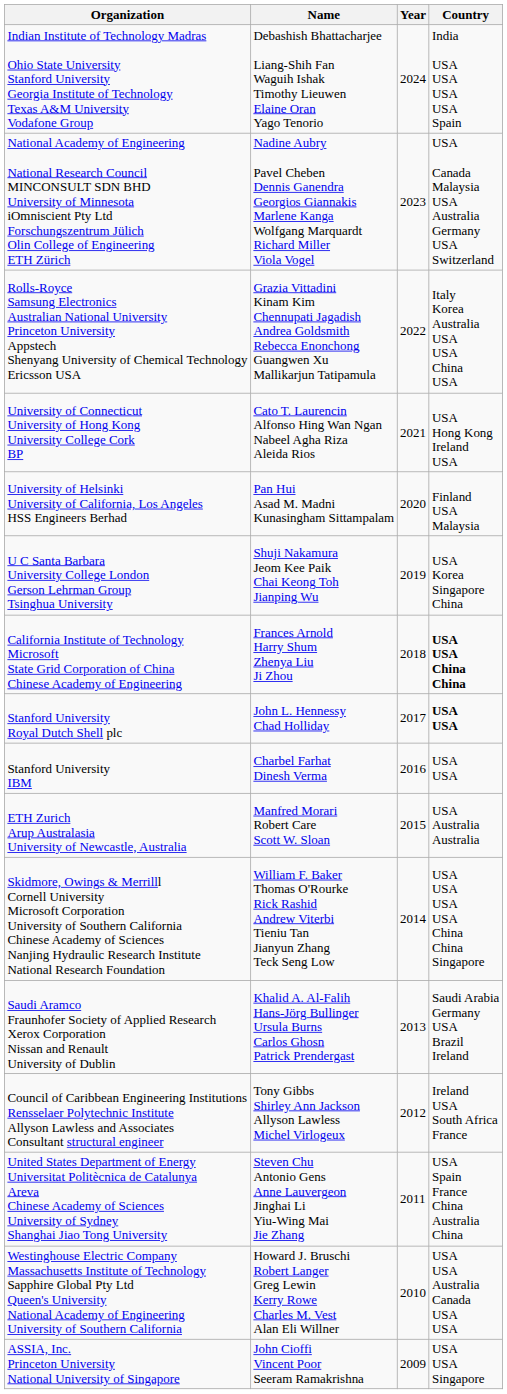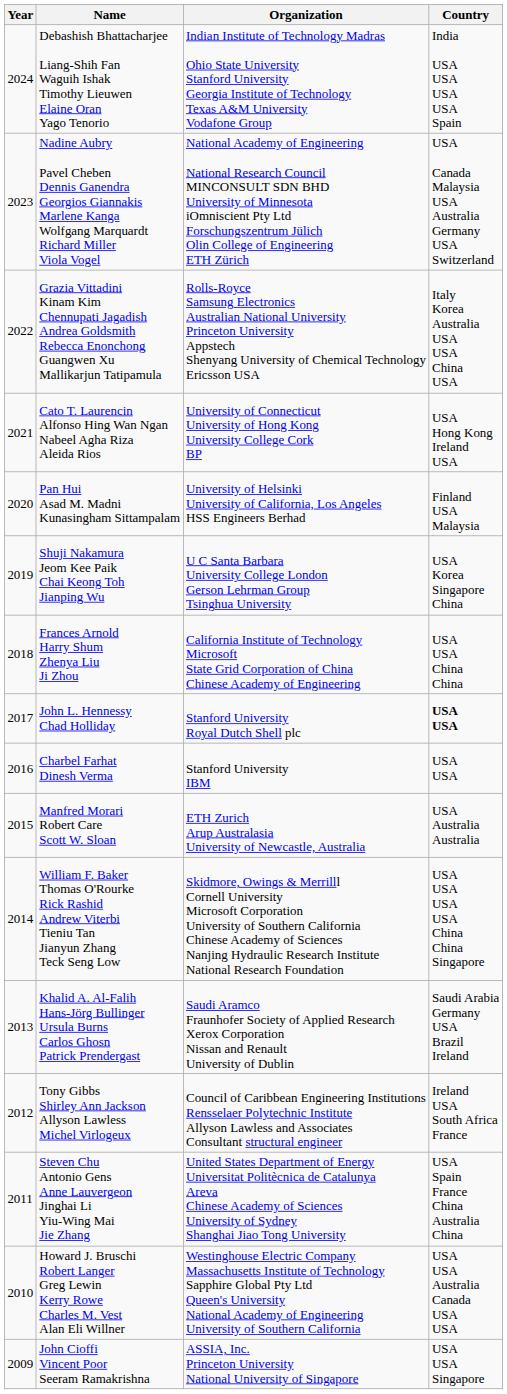 <table class="wikitable">
 <tr>
+<th>Year</th>
+<th>Name</th>
 <th>Organization</th>
-<th>Name</th>
-<th>Year</th>
 <th>Country</th>
 </tr>
 <tr>
+<td>2024</td>
+<td>Debashish Bhattacharjee<br><br>Liang-Shih Fan <br> Waguih Ishak <br> Timothy Lieuwen <br> <a href='#'>Elaine Oran</a> <br> Yago Tenorio</td>
 <td><a href='#'>Indian Institute of Technology Madras</a><br><br><a href='#'>Ohio State University</a><br> <a href='#'>Stanford University</a><br> <a href='#'>Georgia Institute of Technology</a><br> <a href='#'>Texas A&M University</a><br> <a href='#'>Vodafone Group</a></td>
-<td>Debashish Bhattacharjee<br><br>Liang-Shih Fan <br> Waguih Ishak <br> Timothy Lieuwen <br> <a href='#'>Elaine Oran</a> <br> Yago Tenorio</td>
-<td>2024</td>
 <td> India<br><br> USA<br>  USA<br>  USA<br>  USA<br>  Spain</td>
 </tr>
 <tr>
+<td>2023</td>
+<td><a href='#'>Nadine Aubry</a><br><br>Pavel Cheben<br> <a href='#'>Dennis Ganendra</a><br> <a href='#'>Georgios Giannakis</a><br> <a href='#'>Marlene Kanga</a><br> Wolfgang Marquardt<br> <a href='#'>Richard Miller</a><br> <a href='#'>Viola Vogel</a></td>
 <td><a href='#'>National Academy of Engineering</a><br><br><a href='#'>National Research Council</a><br> MINCONSULT SDN BHD<br> <a href='#'>University of Minnesota</a><br> iOmniscient Pty Ltd<br> <a href='#'>Forschungszentrum Jülich</a><br> <a href='#'>Olin College of Engineering</a><br> <a href='#'>ETH Zürich</a></td>
-<td><a href='#'>Nadine Aubry</a><br><br>Pavel Cheben<br> <a href='#'>Dennis Ganendra</a><br> <a href='#'>Georgios Giannakis</a><br> <a href='#'>Marlene Kanga</a><br> Wolfgang Marquardt<br> <a href='#'>Richard Miller</a><br> <a href='#'>Viola Vogel</a></td>
-<td>2023</td>
 <td> USA<br><br> Canada<br>  Malaysia<br>  USA<br>  Australia<br>  Germany<br>  USA<br>  Switzerland</td>
 </tr>
 <tr>
+<td>2022</td>
+<td><a href='#'>Grazia Vittadini</a><br>Kinam Kim<br><a href='#'>Chennupati Jagadish</a><br><a href='#'>Andrea Goldsmith</a><br><a href='#'>Rebecca Enonchong</a><br> Guangwen Xu<br>Mallikarjun Tatipamula<br></td>
 <td><a href='#'>Rolls-Royce</a><br><a href='#'>Samsung Electronics</a><br><a href='#'>Australian National University</a><br><a href='#'>Princeton University</a><br>Appstech <br>Shenyang University of Chemical Technology<br>Ericsson USA<br></td>
-<td><a href='#'>Grazia Vittadini</a><br>Kinam Kim<br><a href='#'>Chennupati Jagadish</a><br><a href='#'>Andrea Goldsmith</a><br><a href='#'>Rebecca Enonchong</a><br> Guangwen Xu<br>Mallikarjun Tatipamula<br></td>
-<td>2022</td>
 <td><br> Italy <br>  Korea <br>  Australia <br>  USA <br> USA <br> China <br> USA <br></td>
 </tr>
 <tr>
+<td>2021</td>
+<td><a href='#'>Cato T. Laurencin</a><br>Alfonso Hing Wan Ngan<br>Nabeel Agha Riza<br>Aleida Rios</td>
 <td><a href='#'>University of Connecticut</a><br><a href='#'>University of Hong Kong</a><br><a href='#'>University College Cork</a><br><a href='#'>BP</a></td>
-<td><a href='#'>Cato T. Laurencin</a><br>Alfonso Hing Wan Ngan<br>Nabeel Agha Riza<br>Aleida Rios</td>
-<td>2021</td>
 <td><br> USA <br>  Hong Kong <br>  Ireland <br>  USA <br></td>
 </tr>
 <tr>
+<td>2020</td>
+<td><a href='#'>Pan Hui</a><br>Asad M. Madni<br> Kunasingham Sittampalam</td>
 <td><a href='#'>University of Helsinki</a><br><a href='#'>University of California, Los Angeles</a><br>HSS Engineers Berhad</td>
-<td><a href='#'>Pan Hui</a><br>Asad M. Madni<br> Kunasingham Sittampalam</td>
-<td>2020</td>
 <td><br> Finland <br>  USA <br>  Malaysia <br></td>
 </tr>
 <tr>
+<td>2019</td>
+<td><a href='#'>Shuji Nakamura</a> <br>Jeom Kee Paik<br><a href='#'>Chai Keong Toh</a><br><a href='#'>Jianping Wu</a></td>
 <td><br><a href='#'>U C Santa Barbara</a><br><a href='#'>University College London</a><br><a href='#'>Gerson Lehrman Group</a><br><a href='#'>Tsinghua University</a></td>
-<td><a href='#'>Shuji Nakamura</a> <br>Jeom Kee Paik<br><a href='#'>Chai Keong Toh</a><br><a href='#'>Jianping Wu</a></td>
-<td>2019</td>
 <td><br> USA <br>  Korea <br>  Singapore <br>  China <br></td>
 </tr>
 <tr>
+<td>2018</td>
+<td><a href='#'>Frances Arnold</a> <br><a href='#'>Harry Shum</a><br><a href='#'>Zhenya Liu</a><br><a href='#'>Ji Zhou</a></td>
 <td><br><a href='#'>California Institute of Technology</a><br><a href='#'>Microsoft</a><br><a href='#'>State Grid Corporation of China</a><br><a href='#'>Chinese Academy of Engineering</a></td>
-<td><a href='#'>Frances Arnold</a> <br><a href='#'>Harry Shum</a><br><a href='#'>Zhenya Liu</a><br><a href='#'>Ji Zhou</a></td>
-<td>2018</td>
-<td><strong><br> USA <br>  USA <br>  China <br>  China <br></strong></td>
+<td><br> USA <br>  USA <br>  China <br>  China <br></td>
 </tr>
 <tr>
+<td>2017</td>
+<td><a href='#'>John L. Hennessy</a><br> <a href='#'>Chad Holliday</a></td>
 <td><br><a href='#'>Stanford University</a><br> <a href='#'>Royal Dutch Shell</a> plc</td>
-<td><a href='#'>John L. Hennessy</a><br> <a href='#'>Chad Holliday</a></td>
-<td>2017</td>
 <td><strong> USA <br>  USA</strong></td>
 </tr>
 <tr>
+<td>2016</td>
+<td><a href='#'>Charbel Farhat</a> <br> <a href='#'>Dinesh Verma</a></td>
 <td><br>Stanford University<br> <a href='#'>IBM</a></td>
-<td><a href='#'>Charbel Farhat</a> <br> <a href='#'>Dinesh Verma</a></td>
-<td>2016</td>
 <td> USA <br>  USA</td>
 </tr>
 <tr>
+<td>2015</td>
+<td><a href='#'>Manfred Morari</a> <br>  Robert Care<br>  <a href='#'>Scott W. Sloan</a></td>
 <td><br><a href='#'>ETH Zurich</a><br><a href='#'>Arup Australasia</a><br>  <a href='#'>University of Newcastle, Australia</a></td>
-<td><a href='#'>Manfred Morari</a> <br>  Robert Care<br>  <a href='#'>Scott W. Sloan</a></td>
-<td>2015</td>
 <td> USA  <br>  Australia <br>  Australia</td>
 </tr>
 <tr>
+<td>2014</td>
+<td><a href='#'>William F. Baker</a><br>  Thomas O'Rourke<br> <a href='#'>Rick Rashid</a><br><a href='#'>Andrew Viterbi</a> <br> Tieniu Tan <br> Jianyun Zhang  <br>Teck Seng Low</td>
 <td><br><a href='#'>Skidmore, Owings & Merrill</a>l<br>Cornell University<br> Microsoft Corporation <br>University of Southern California<br>Chinese Academy of Sciences<br>  Nanjing Hydraulic Research Institute <br> National Research Foundation</td>
-<td><a href='#'>William F. Baker</a><br>  Thomas O'Rourke<br> <a href='#'>Rick Rashid</a><br><a href='#'>Andrew Viterbi</a> <br> Tieniu Tan <br> Jianyun Zhang  <br>Teck Seng Low</td>
-<td>2014</td>
 <td> USA <br>  USA <br>  USA  <br>  USA <br>  China <br>  China <br>  Singapore</td>
 </tr>
 <tr>
+<td>2013</td>
+<td><a href='#'>Khalid A. Al-Falih</a><br> <a href='#'>Hans-Jörg Bullinger</a><br> <a href='#'>Ursula Burns</a><br> <a href='#'>Carlos Ghosn</a><br> <a href='#'>Patrick Prendergast</a></td>
 <td><br><a href='#'>Saudi Aramco</a><br> Fraunhofer Society of Applied Research<br> Xerox Corporation<br> Nissan and Renault<br> University of Dublin</td>
-<td><a href='#'>Khalid A. Al-Falih</a><br> <a href='#'>Hans-Jörg Bullinger</a><br> <a href='#'>Ursula Burns</a><br> <a href='#'>Carlos Ghosn</a><br> <a href='#'>Patrick Prendergast</a></td>
-<td>2013</td>
 <td> Saudi Arabia <br>  Germany <br>  USA <br>  Brazil <br>  Ireland</td>
 </tr>
 <tr>
+<td>2012</td>
+<td>Tony Gibbs<br> <a href='#'>Shirley Ann Jackson</a><br> Allyson Lawless<br> <a href='#'>Michel Virlogeux</a></td>
 <td><br>Council of Caribbean Engineering Institutions<br> <a href='#'>Rensselaer Polytechnic Institute</a><br> Allyson Lawless and Associates <br> Consultant <a href='#'>structural engineer</a></td>
-<td>Tony Gibbs<br> <a href='#'>Shirley Ann Jackson</a><br> Allyson Lawless<br> <a href='#'>Michel Virlogeux</a></td>
-<td>2012</td>
 <td> Ireland <br>  USA <br> South Africa <br> France<br></td>
 </tr>
 <tr>
+<td>2011</td>
+<td><a href='#'>Steven Chu</a> <br> Antonio Gens<br> <a href='#'>Anne Lauvergeon</a><br> Jinghai Li<br> Yiu-Wing Mai<br> <a href='#'>Jie Zhang</a></td>
 <td><a href='#'>United States Department of Energy</a><br> <a href='#'>Universitat Politècnica de Catalunya</a><br> <a href='#'>Areva</a><br> <a href='#'>Chinese Academy of Sciences</a><br> <a href='#'>University of Sydney</a><br> <a href='#'>Shanghai Jiao Tong University</a></td>
-<td><a href='#'>Steven Chu</a> <br> Antonio Gens<br> <a href='#'>Anne Lauvergeon</a><br> Jinghai Li<br> Yiu-Wing Mai<br> <a href='#'>Jie Zhang</a></td>
-<td>2011</td>
 <td> USA <br>  Spain <br>  France <br>  China <br>  Australia <br>  China</td>
 </tr>
 <tr>
+<td>2010</td>
+<td>Howard J. Bruschi<br> <a href='#'>Robert Langer</a><br> Greg Lewin<br> <a href='#'>Kerry Rowe</a><br> <a href='#'>Charles M. Vest</a><br> Alan Eli Willner</td>
 <td><a href='#'>Westinghouse Electric Company</a><br> <a href='#'>Massachusetts Institute of Technology</a><br> Sapphire Global Pty Ltd<br> <a href='#'>Queen's University</a><br> <a href='#'>National Academy of Engineering</a><br> <a href='#'>University of Southern California</a></td>
-<td>Howard J. Bruschi<br> <a href='#'>Robert Langer</a><br> Greg Lewin<br> <a href='#'>Kerry Rowe</a><br> <a href='#'>Charles M. Vest</a><br> Alan Eli Willner</td>
-<td>2010</td>
 <td> USA <br>  USA <br>  Australia <br>  Canada <br>  USA <br>  USA</td>
 </tr>
 <tr>
+<td>2009</td>
+<td><a href='#'>John Cioffi</a><br> <a href='#'>Vincent Poor</a><br> Seeram Ramakrishna</td>
 <td><a href='#'>ASSIA, Inc.</a><br> <a href='#'>Princeton University</a><br> <a href='#'>National University of Singapore</a></td>
-<td><a href='#'>John Cioffi</a><br> <a href='#'>Vincent Poor</a><br> Seeram Ramakrishna</td>
-<td>2009</td>
 <td> USA <br>  USA <br>  Singapore</td>
 </tr>
 </table>
